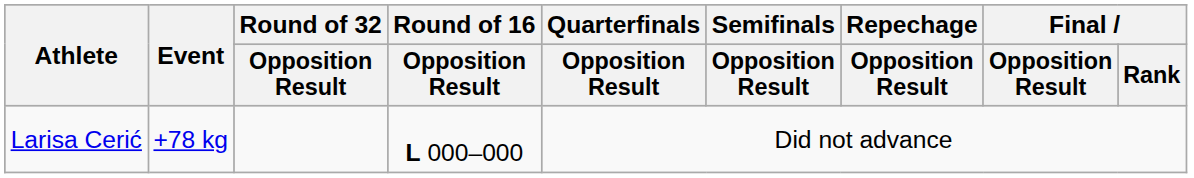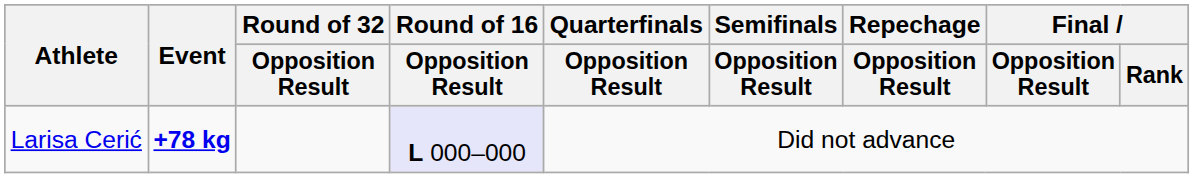 <table class="wikitable" style="font-size:90%">
 <tr>
 <th rowspan="2">Athlete</th>
 <th rowspan="2">Event</th>
 <th>Round of 32</th>
 <th>Round of 16</th>
 <th>Quarterfinals</th>
 <th>Semifinals</th>
 <th>Repechage</th>
 <th colspan=2>Final / </th>
 </tr>
 <tr style="font-size:95%">
 <th>Opposition<br>Result</th>
 <th>Opposition<br>Result</th>
 <th>Opposition<br>Result</th>
 <th>Opposition<br>Result</th>
 <th>Opposition<br>Result</th>
 <th>Opposition<br>Result</th>
 <th>Rank</th>
 </tr>
 <tr align=center>
 <td align=left><a href='#'>Larisa Cerić</a></td>
-<td align=left><a href='#'>+78 kg</a></td>
+<td align=left><strong><a href='#'>+78 kg</a></strong></td>
 <td></td>
-<td><br><strong>L</strong> 000–000 </td>
+<td style="background: lavender;"><br><strong>L</strong> 000–000 </td>
 <td colspan=5>Did not advance</td>
 </tr>
 </table>
